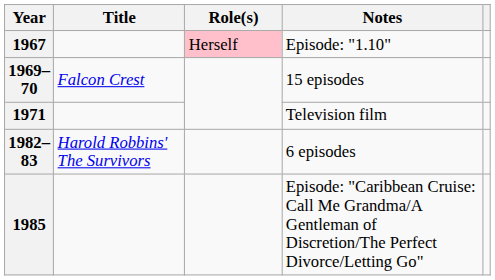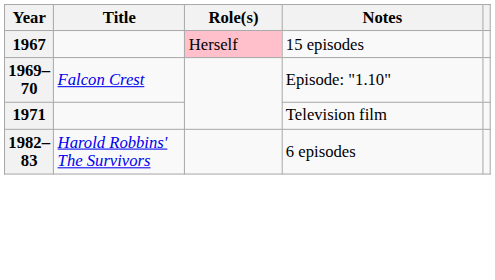 <table class="wikitable plainrowheaders sortable" style="margin-right: 0; width:75%">
 <tr>
 <th style="width:10%">Year</th>
 <th style="width:27%">Title</th>
 <th style="width:20%">Role(s)</th>
 <th class="unsortable">Notes</th>
 <th style="width:1%" class="unsortable"></th>
 </tr>
 <tr>
 <th scope="row">1967</th>
 <td><em></em></td>
 <td style="background: pink;">Herself</td>
-<td>Episode: "1.10"</td>
+<td>15 episodes</td>
 <td style=text-align:center></td>
 </tr>
 <tr>
 <th scope="row">1969–70</th>
 <td><em><a href='#'>Falcon Crest</a></em></td>
 <td rowspan="2"></td>
-<td>15 episodes</td>
+<td>Episode: "1.10"</td>
 <td style=text-align:center></td>
 </tr>
 <tr>
 <th scope="row">1971</th>
 <td><em></em></td>
 <td>Television film</td>
 <td style=text-align:center></td>
 </tr>
 <tr>
 <th scope="row">1982–83</th>
 <td><em><a href='#'>Harold Robbins' The Survivors</a></em></td>
 <td></td>
 <td>6 episodes</td>
 <td style=text-align:center></td>
 </tr>
-<tr>
-<th scope="row">1985</th>
-<td><em></em></td>
-<td></td>
-<td>Episode: "Caribbean Cruise: Call Me Grandma/A Gentleman of Discretion/The Perfect Divorce/Letting Go"</td>
-<td style=text-align:center></td>
-</tr>
 </table>
